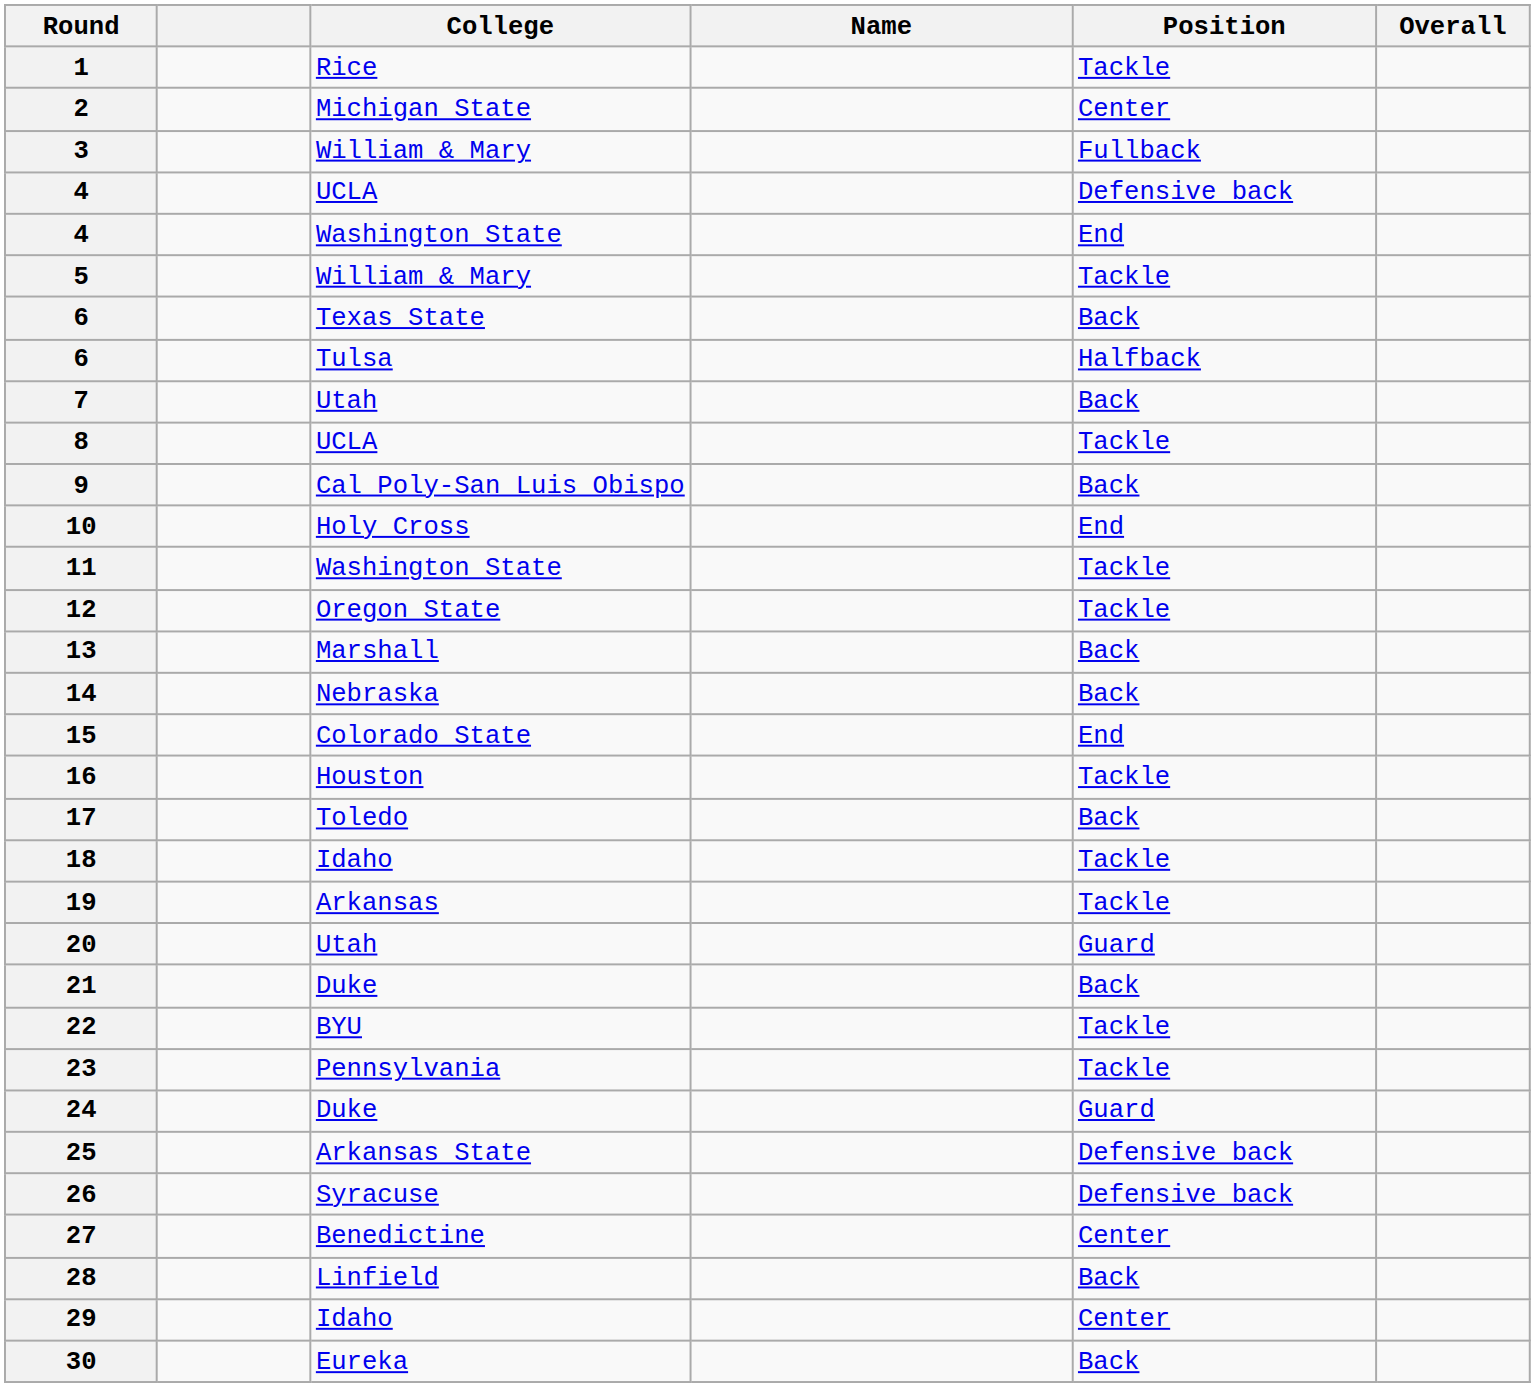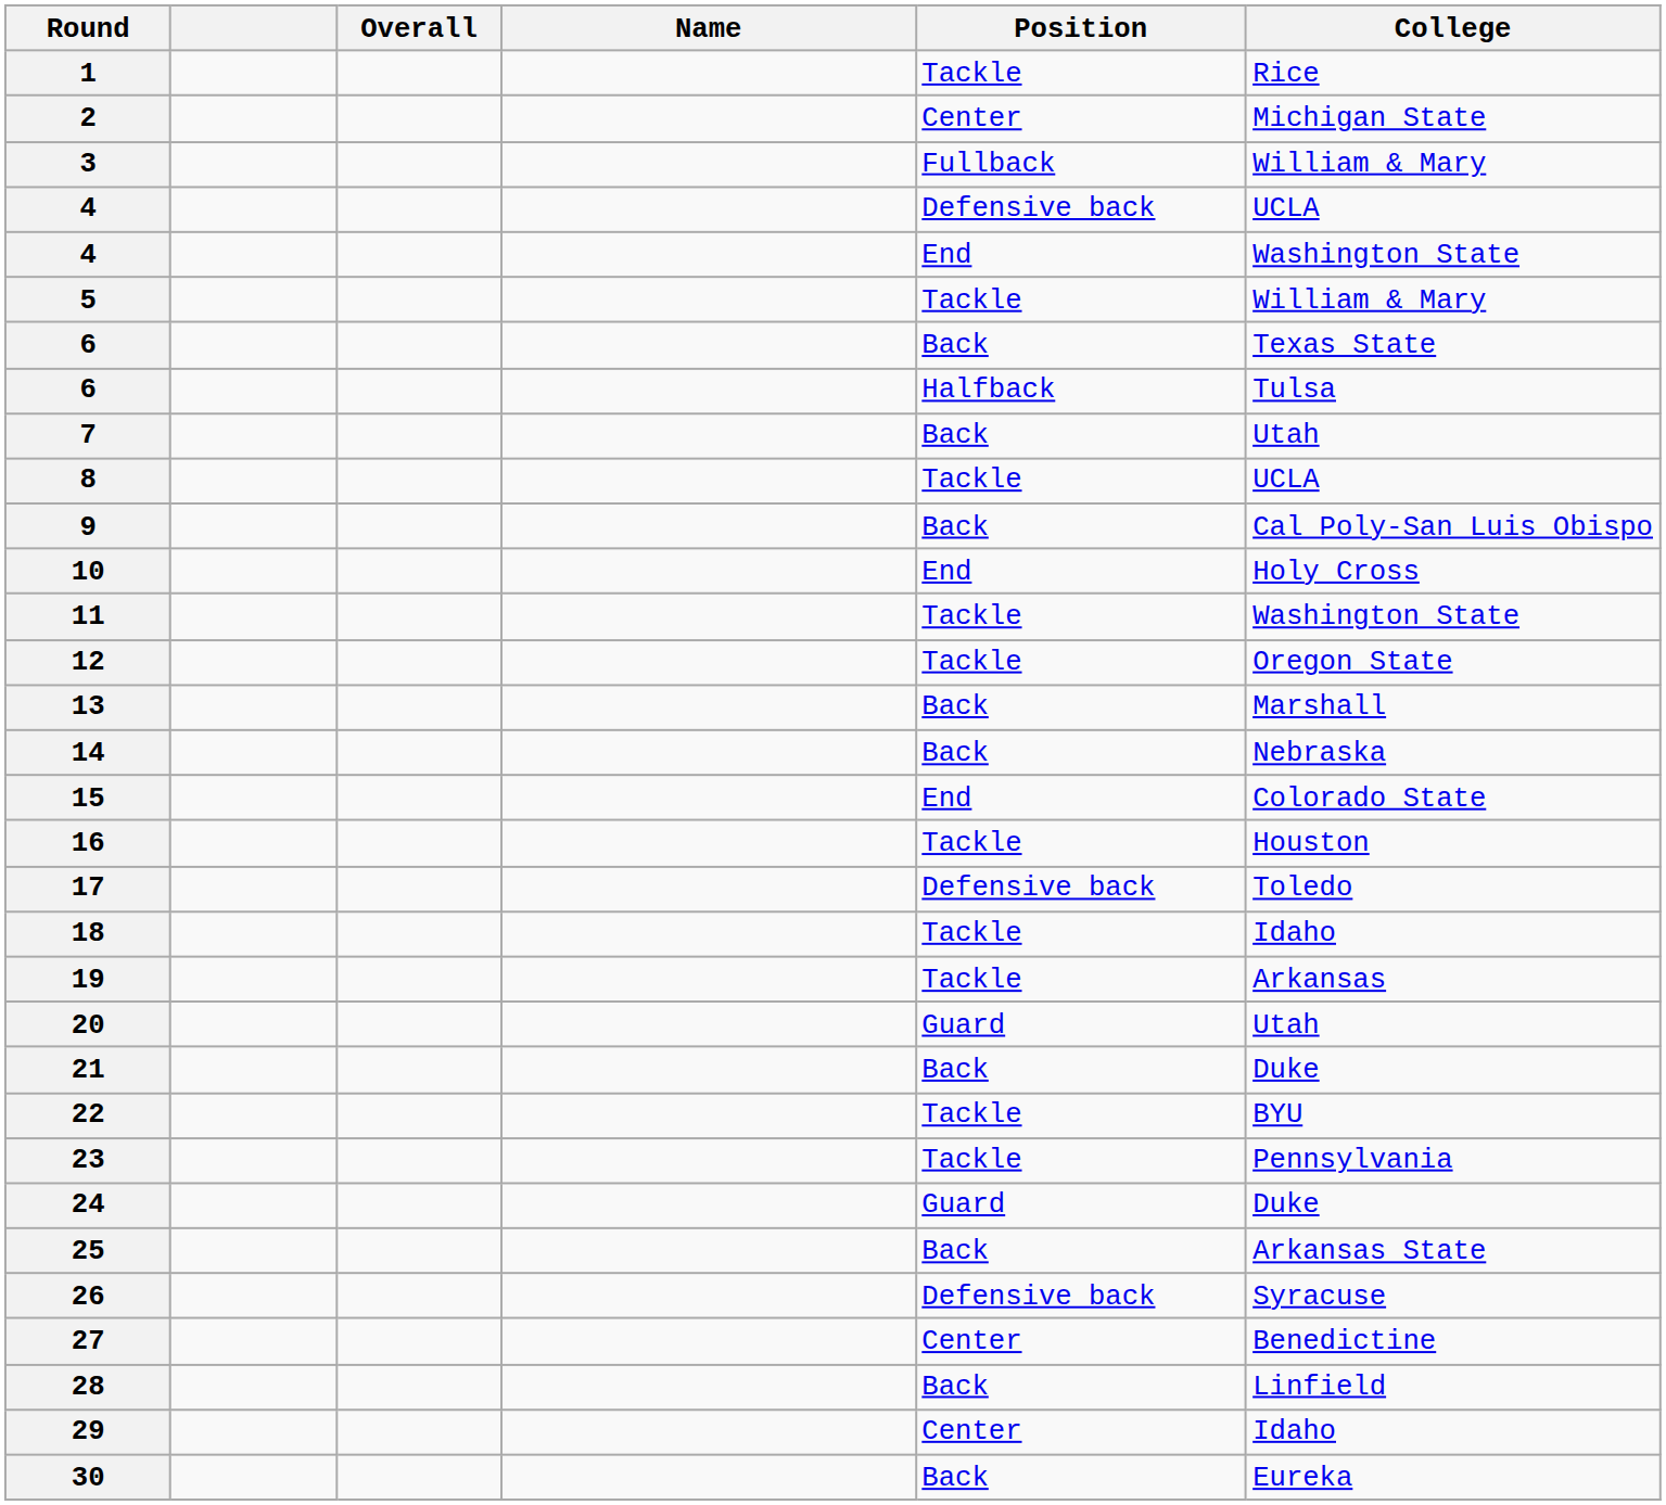 <table class="wikitable sortable">
 <tr>
 <th scope="col" style="width: 10%;">Round</th>
 <th scope="col" style="width: 10%;"></th>
-<th scope="col" style="width: 25%;">College</th>
+<th scope="col" style="width: 10%;">Overall</th>
 <th scope="col" style="width: 25%;">Name</th>
 <th scope="col" style="width: 20%;">Position</th>
-<th scope="col" style="width: 10%;">Overall</th>
+<th scope="col" style="width: 25%;">College</th>
 </tr>
 <tr>
 <th scope="row">1</th>
 <td></td>
-<td><a href='#'>Rice</a></td>
+<td></td>
 <td></td>
 <td><a href='#'>Tackle</a></td>
-<td></td>
+<td><a href='#'>Rice</a></td>
 </tr>
 <tr>
 <th scope="row">2</th>
 <td></td>
-<td><a href='#'>Michigan State</a></td>
+<td></td>
 <td></td>
 <td><a href='#'>Center</a></td>
-<td></td>
+<td><a href='#'>Michigan State</a></td>
 </tr>
 <tr>
 <th scope="row">3</th>
 <td></td>
-<td><a href='#'>William & Mary</a></td>
+<td></td>
 <td></td>
 <td><a href='#'>Fullback</a></td>
-<td></td>
+<td><a href='#'>William & Mary</a></td>
 </tr>
 <tr>
 <th scope="row">4</th>
 <td></td>
-<td><a href='#'>UCLA</a></td>
+<td></td>
 <td></td>
 <td><a href='#'>Defensive back</a></td>
-<td></td>
+<td><a href='#'>UCLA</a></td>
 </tr>
 <tr>
 <th scope="row">4</th>
 <td></td>
-<td><a href='#'>Washington State</a></td>
+<td></td>
 <td></td>
 <td><a href='#'>End</a></td>
-<td></td>
+<td><a href='#'>Washington State</a></td>
 </tr>
 <tr>
 <th scope="row">5</th>
 <td></td>
-<td><a href='#'>William & Mary</a></td>
+<td></td>
 <td></td>
 <td><a href='#'>Tackle</a></td>
-<td></td>
+<td><a href='#'>William & Mary</a></td>
 </tr>
 <tr>
 <th scope="row">6</th>
 <td></td>
-<td><a href='#'>Texas State</a></td>
+<td></td>
 <td></td>
 <td><a href='#'>Back</a></td>
-<td></td>
+<td><a href='#'>Texas State</a></td>
 </tr>
 <tr>
 <th scope="row">6</th>
 <td></td>
-<td><a href='#'>Tulsa</a></td>
+<td></td>
 <td></td>
 <td><a href='#'>Halfback</a></td>
-<td></td>
+<td><a href='#'>Tulsa</a></td>
 </tr>
 <tr>
 <th scope="row">7</th>
 <td></td>
-<td><a href='#'>Utah</a></td>
+<td></td>
 <td></td>
 <td><a href='#'>Back</a></td>
-<td></td>
+<td><a href='#'>Utah</a></td>
 </tr>
 <tr>
 <th scope="row">8</th>
 <td></td>
-<td><a href='#'>UCLA</a></td>
+<td></td>
 <td></td>
 <td><a href='#'>Tackle</a></td>
-<td></td>
+<td><a href='#'>UCLA</a></td>
 </tr>
 <tr>
 <th scope="row">9</th>
 <td></td>
-<td><a href='#'>Cal Poly-San Luis Obispo</a></td>
+<td></td>
 <td></td>
 <td><a href='#'>Back</a></td>
-<td></td>
+<td><a href='#'>Cal Poly-San Luis Obispo</a></td>
 </tr>
 <tr>
 <th scope="row">10</th>
 <td></td>
-<td><a href='#'>Holy Cross</a></td>
+<td></td>
 <td></td>
 <td><a href='#'>End</a></td>
-<td></td>
+<td><a href='#'>Holy Cross</a></td>
 </tr>
 <tr>
 <th scope="row">11</th>
 <td></td>
-<td><a href='#'>Washington State</a></td>
+<td></td>
 <td></td>
 <td><a href='#'>Tackle</a></td>
-<td></td>
+<td><a href='#'>Washington State</a></td>
 </tr>
 <tr>
 <th scope="row">12</th>
 <td></td>
-<td><a href='#'>Oregon State</a></td>
+<td></td>
 <td></td>
 <td><a href='#'>Tackle</a></td>
-<td></td>
+<td><a href='#'>Oregon State</a></td>
 </tr>
 <tr>
 <th scope="row">13</th>
 <td></td>
-<td><a href='#'>Marshall</a></td>
+<td></td>
 <td></td>
 <td><a href='#'>Back</a></td>
-<td></td>
+<td><a href='#'>Marshall</a></td>
 </tr>
 <tr>
 <th scope="row">14</th>
 <td></td>
-<td><a href='#'>Nebraska</a></td>
+<td></td>
 <td></td>
 <td><a href='#'>Back</a></td>
-<td></td>
+<td><a href='#'>Nebraska</a></td>
 </tr>
 <tr>
 <th scope="row">15</th>
 <td></td>
-<td><a href='#'>Colorado State</a></td>
+<td></td>
 <td></td>
 <td><a href='#'>End</a></td>
-<td></td>
+<td><a href='#'>Colorado State</a></td>
 </tr>
 <tr>
 <th scope="row">16</th>
 <td></td>
-<td><a href='#'>Houston</a></td>
+<td></td>
 <td></td>
 <td><a href='#'>Tackle</a></td>
-<td></td>
+<td><a href='#'>Houston</a></td>
 </tr>
 <tr>
 <th scope="row">17</th>
 <td></td>
+<td></td>
+<td></td>
+<td><a href='#'>Defensive back</a></td>
 <td><a href='#'>Toledo</a></td>
-<td></td>
-<td><a href='#'>Back</a></td>
-<td></td>
 </tr>
 <tr>
 <th scope="row">18</th>
 <td></td>
-<td><a href='#'>Idaho</a></td>
+<td></td>
 <td></td>
 <td><a href='#'>Tackle</a></td>
-<td></td>
+<td><a href='#'>Idaho</a></td>
 </tr>
 <tr>
 <th scope="row">19</th>
 <td></td>
-<td><a href='#'>Arkansas</a></td>
+<td></td>
 <td></td>
 <td><a href='#'>Tackle</a></td>
-<td></td>
+<td><a href='#'>Arkansas</a></td>
 </tr>
 <tr>
 <th scope="row">20</th>
 <td></td>
-<td><a href='#'>Utah</a></td>
+<td></td>
 <td></td>
 <td><a href='#'>Guard</a></td>
-<td></td>
+<td><a href='#'>Utah</a></td>
 </tr>
 <tr>
 <th scope="row">21</th>
 <td></td>
-<td><a href='#'>Duke</a></td>
+<td></td>
 <td></td>
 <td><a href='#'>Back</a></td>
-<td></td>
+<td><a href='#'>Duke</a></td>
 </tr>
 <tr>
 <th scope="row">22</th>
 <td></td>
-<td><a href='#'>BYU</a></td>
+<td></td>
 <td></td>
 <td><a href='#'>Tackle</a></td>
-<td></td>
+<td><a href='#'>BYU</a></td>
 </tr>
 <tr>
 <th scope="row">23</th>
 <td></td>
-<td><a href='#'>Pennsylvania</a></td>
+<td></td>
 <td></td>
 <td><a href='#'>Tackle</a></td>
-<td></td>
+<td><a href='#'>Pennsylvania</a></td>
 </tr>
 <tr>
 <th scope="row">24</th>
 <td></td>
-<td><a href='#'>Duke</a></td>
+<td></td>
 <td></td>
 <td><a href='#'>Guard</a></td>
-<td></td>
+<td><a href='#'>Duke</a></td>
 </tr>
 <tr>
 <th scope="row">25</th>
 <td></td>
+<td></td>
+<td></td>
+<td><a href='#'>Back</a></td>
 <td><a href='#'>Arkansas State</a></td>
-<td></td>
-<td><a href='#'>Defensive back</a></td>
-<td></td>
 </tr>
 <tr>
 <th scope="row">26</th>
 <td></td>
-<td><a href='#'>Syracuse</a></td>
+<td></td>
 <td></td>
 <td><a href='#'>Defensive back</a></td>
-<td></td>
+<td><a href='#'>Syracuse</a></td>
 </tr>
 <tr>
 <th scope="row">27</th>
 <td></td>
-<td><a href='#'>Benedictine</a></td>
+<td></td>
 <td></td>
 <td><a href='#'>Center</a></td>
-<td></td>
+<td><a href='#'>Benedictine</a></td>
 </tr>
 <tr>
 <th scope="row">28</th>
 <td></td>
-<td><a href='#'>Linfield</a></td>
+<td></td>
 <td></td>
 <td><a href='#'>Back</a></td>
-<td></td>
+<td><a href='#'>Linfield</a></td>
 </tr>
 <tr>
 <th scope="row">29</th>
 <td></td>
-<td><a href='#'>Idaho</a></td>
+<td></td>
 <td></td>
 <td><a href='#'>Center</a></td>
-<td></td>
+<td><a href='#'>Idaho</a></td>
 </tr>
 <tr>
 <th scope="row">30</th>
 <td></td>
-<td><a href='#'>Eureka</a></td>
+<td></td>
 <td></td>
 <td><a href='#'>Back</a></td>
-<td></td>
+<td><a href='#'>Eureka</a></td>
 </tr>
 </table>
